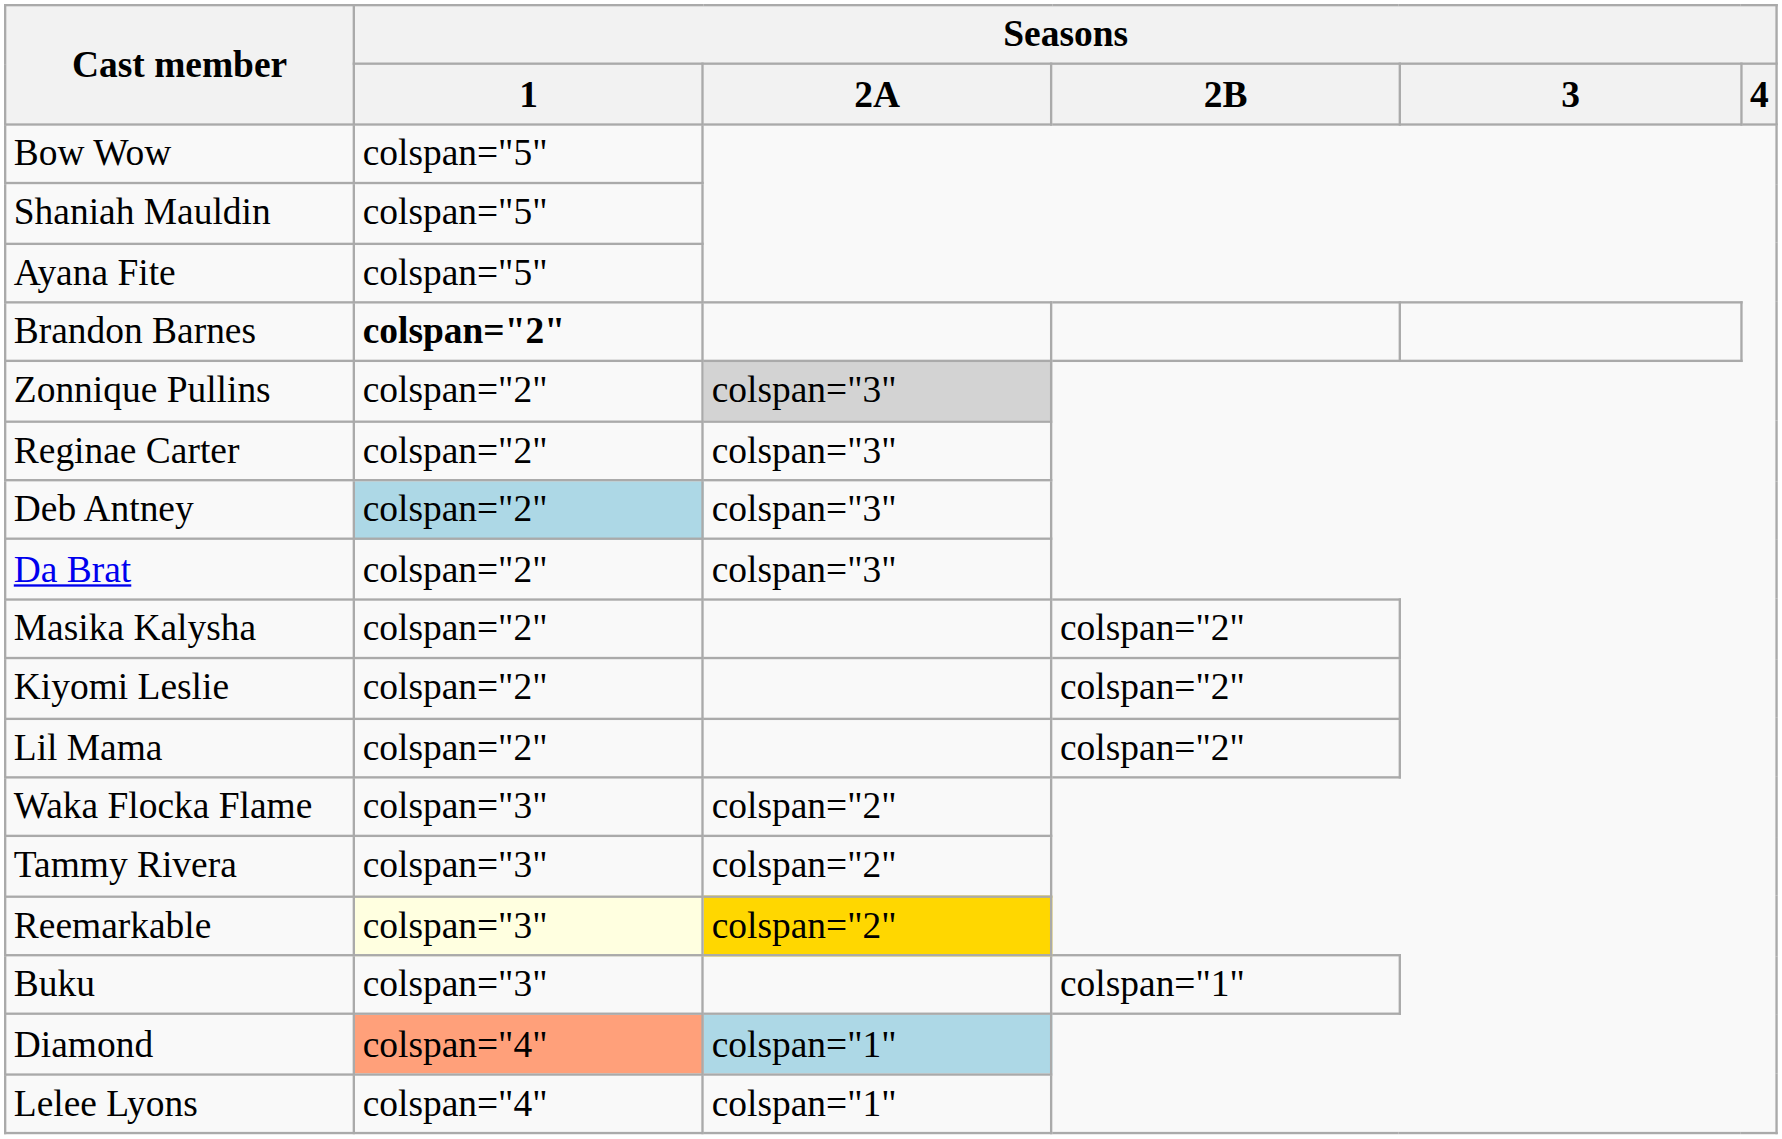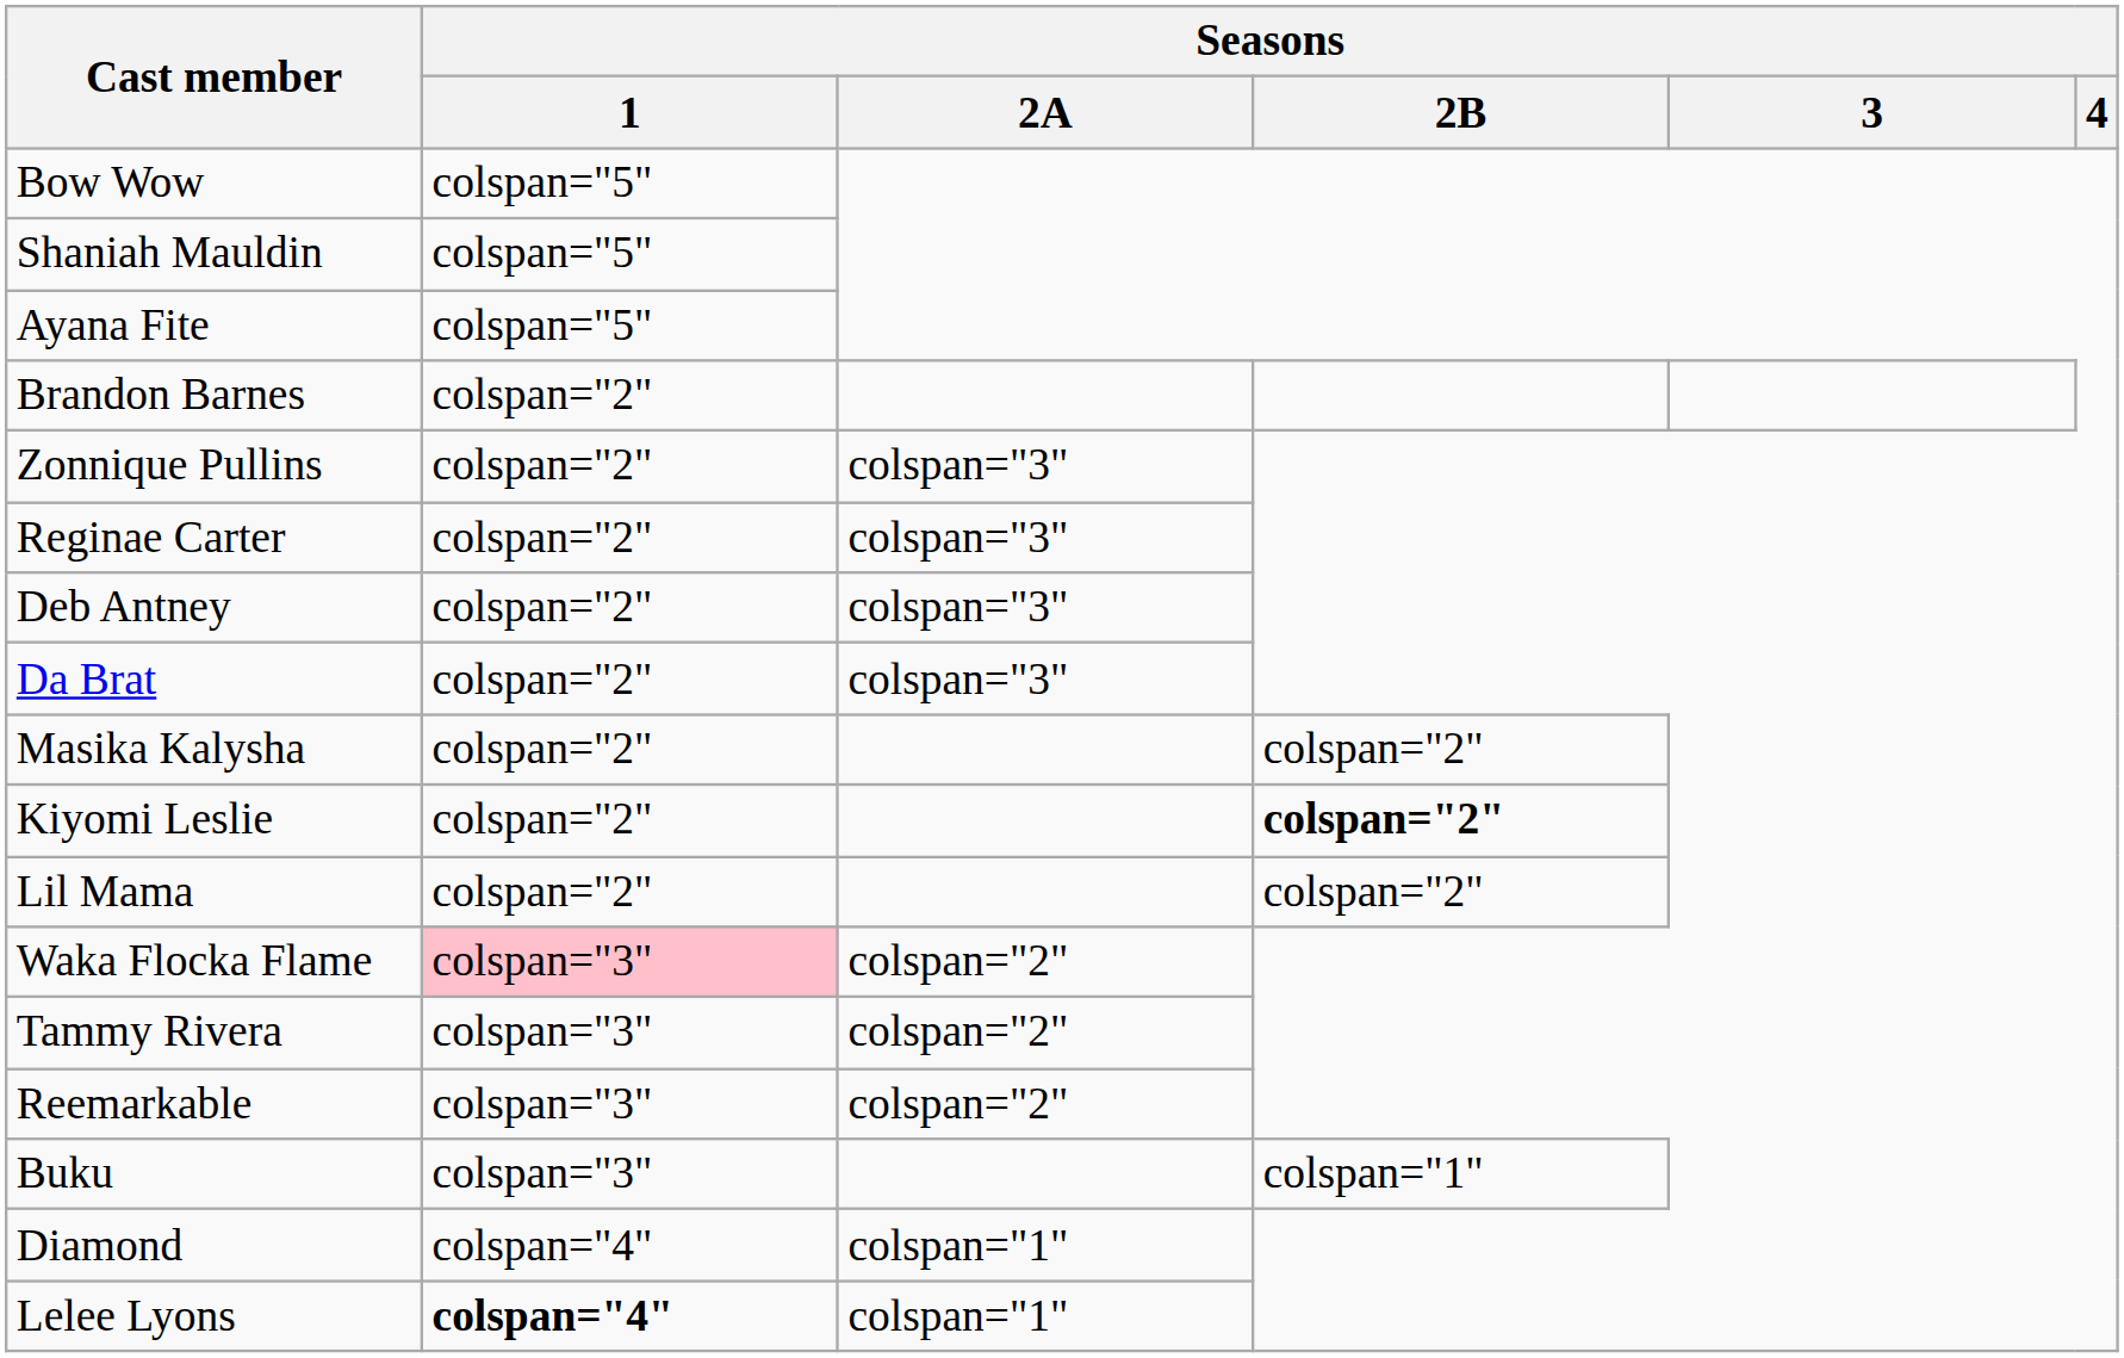 <table class="wikitable plainrowheaders" style="width:60%;">
 <tr>
 <th scope="col" rowspan="2" style="width:20%;">Cast member</th>
 <th scope="col" colspan="5">Seasons</th>
 </tr>
 <tr>
 <th scope="col" style="width:20%;">1</th>
 <th scope="col" style="width:20%;">2A</th>
 <th scope=“col” style="width:20%;">2B</th>
 <th scope=“col” style="width:20%;">3</th>
 <th scope=“col” style="width:20%;">4</th>
 </tr>
 <tr>
 <td scope="row">Bow Wow</td>
 <td>colspan="5" </td>
 </tr>
 <tr>
 <td scope="row">Shaniah Mauldin</td>
 <td>colspan="5" </td>
 </tr>
 <tr>
 <td scope="row">Ayana Fite</td>
 <td>colspan="5" </td>
 </tr>
 <tr>
 <td scope="row">Brandon Barnes</td>
-<td><strong>colspan="2" </strong></td>
+<td>colspan="2" </td>
 <td></td>
 <td></td>
 <td></td>
 </tr>
 <tr>
 <td scope="row">Zonnique Pullins</td>
 <td>colspan="2" </td>
-<td style="background: lightgrey;">colspan="3" </td>
+<td>colspan="3" </td>
 </tr>
 <tr>
 <td scope="row">Reginae Carter</td>
 <td>colspan="2" </td>
 <td>colspan="3" </td>
 </tr>
 <tr>
 <td scope="row">Deb Antney</td>
-<td style="background: lightblue;">colspan="2" </td>
+<td>colspan="2" </td>
 <td>colspan="3" </td>
 </tr>
 <tr>
 <td scope="row"><a href='#'>Da Brat</a></td>
 <td>colspan="2" </td>
 <td>colspan="3" </td>
 </tr>
 <tr>
 <td scope="row">Masika Kalysha</td>
 <td>colspan="2" </td>
 <td></td>
 <td>colspan="2" </td>
 </tr>
 <tr>
 <td scope="row">Kiyomi Leslie</td>
 <td>colspan="2" </td>
 <td></td>
-<td>colspan="2" </td>
+<td><strong>colspan="2" </strong></td>
 </tr>
 <tr>
 <td scope="row">Lil Mama</td>
 <td>colspan="2" </td>
 <td></td>
 <td>colspan="2" </td>
 </tr>
 <tr>
 <td scope="row">Waka Flocka Flame</td>
-<td>colspan="3" </td>
+<td style="background: pink;">colspan="3" </td>
 <td>colspan="2" </td>
 </tr>
 <tr>
 <td scope="row">Tammy Rivera</td>
 <td>colspan="3" </td>
 <td>colspan="2" </td>
 </tr>
 <tr>
 <td scope="row">Reemarkable</td>
-<td style="background: lightyellow;">colspan="3" </td>
-<td style="background: gold;">colspan="2" </td>
+<td>colspan="3" </td>
+<td>colspan="2" </td>
 </tr>
 <tr>
 <td scope="row">Buku</td>
 <td>colspan="3" </td>
 <td></td>
 <td>colspan="1" </td>
 </tr>
 <tr>
 <td scope="row">Diamond</td>
-<td style="background: lightsalmon;">colspan="4" </td>
-<td style="background: lightblue;">colspan="1" </td>
+<td>colspan="4" </td>
+<td>colspan="1" </td>
 </tr>
 <tr>
 <td scope="row">Lelee Lyons</td>
-<td>colspan="4" </td>
+<td><strong>colspan="4" </strong></td>
 <td>colspan="1" </td>
 </tr>
 </table>
